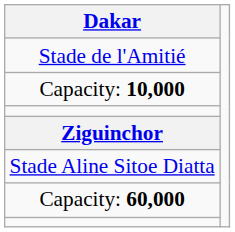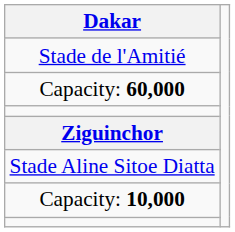 <table class="wikitable" style="text-align:center">
 <tr>
 <th><a href='#'>Dakar</a></th>
 <td rowspan="8"></td>
 </tr>
 <tr>
 <td><a href='#'>Stade de l'Amitié</a></td>
 </tr>
 <tr>
-<td>Capacity: <strong>10,000</strong></td>
+<td>Capacity: <strong>60,000</strong></td>
 </tr>
 <tr>
 <td></td>
 </tr>
 <tr>
 <th><a href='#'>Ziguinchor</a></th>
 </tr>
 <tr>
 <td><a href='#'>Stade Aline Sitoe Diatta</a></td>
 </tr>
 <tr>
-<td>Capacity: <strong>60,000</strong></td>
+<td>Capacity: <strong>10,000</strong></td>
 </tr>
 <tr>
 <td></td>
 </tr>
 </table>
